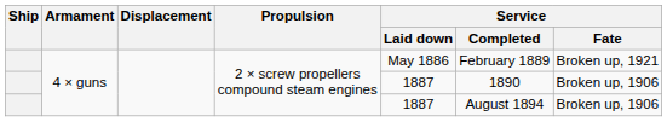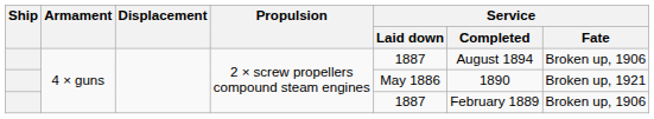 <table class="wikitable plainrowheaders" style="text-align: center;">
 <tr valign="top">
 <th scope="col" rowspan="2">Ship</th>
 <th scope="col" rowspan="2">Armament</th>
 <th scope="col" rowspan="2">Displacement</th>
 <th scope="col" rowspan="2">Propulsion</th>
 <th scope="col" colspan="3">Service</th>
 </tr>
 <tr valign="top">
 <th scope="col">Laid down</th>
 <th scope="col">Completed</th>
 <th scope="col">Fate</th>
 </tr>
 <tr valign="center">
 <th scope="row"></th>
 <td rowspan="3">4 ×  guns</td>
 <td rowspan="3"></td>
 <td rowspan="3">2 × screw propellers<br>compound steam engines<br></td>
+<td>1887</td>
+<td>August 1894</td>
+<td>Broken up, 1906</td>
+</tr>
+<tr valign="center">
+<th scope="row"></th>
 <td>May 1886</td>
-<td>February 1889</td>
+<td>1890</td>
 <td>Broken up, 1921</td>
 </tr>
 <tr valign="center">
 <th scope="row"></th>
 <td>1887</td>
-<td>1890</td>
-<td>Broken up, 1906</td>
-</tr>
-<tr valign="center">
-<th scope="row"></th>
-<td>1887</td>
-<td>August 1894</td>
+<td>February 1889</td>
 <td>Broken up, 1906</td>
 </tr>
 </table>
